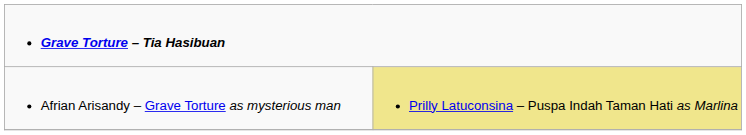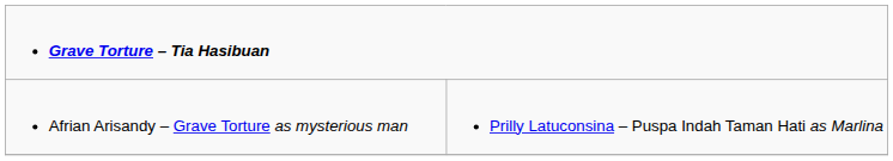 <table class="wikitable" role="presentation">
 <tr>
 <td style="vertical-align:top; width:50%;" colspan="2"><br><ul><li><strong><em><a href='#'>Grave Torture</a><em> – Tia Hasibuan<strong></li></ul></td>
 </tr>
 <tr>
 <td style="vertical-align:top; width:50%;"><br><ul><li></strong>Afrian Arisandy – </em><a href='#'>Grave Torture</a><em> as mysterious man<strong></li></ul></td>
-<td style="background: khaki; vertical-align:top; width:50%;"><br><ul><li></strong><a href='#'>Prilly Latuconsina</a> – </em>Puspa Indah Taman Hati<em> as Marlina<strong></li></ul></td>
+<td style="vertical-align:top; width:50%;"><br><ul><li></strong><a href='#'>Prilly Latuconsina</a> – </em>Puspa Indah Taman Hati<em> as Marlina<strong></li></ul></td>
 </tr>
 <tr>
 </tr>
 </table>
